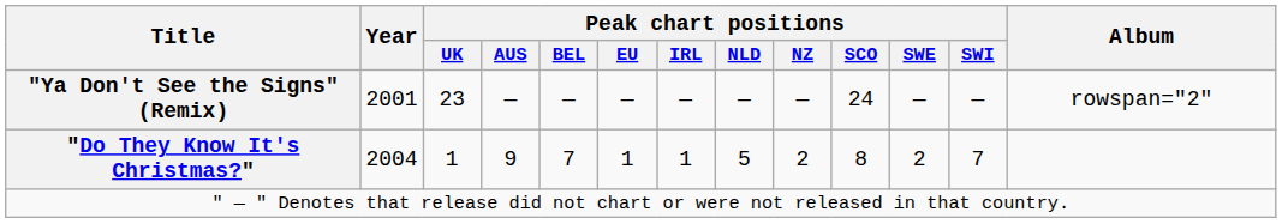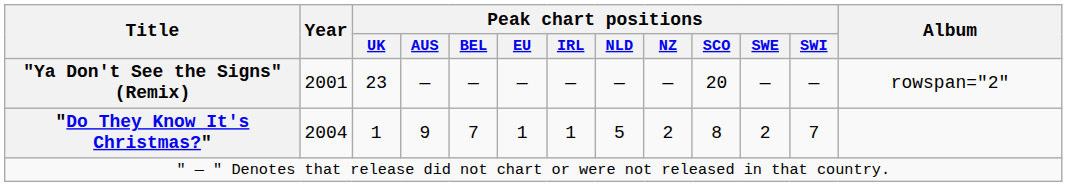 <table class="wikitable plainrowheaders" style="text-align:center;">
 <tr>
 <th scope="col" rowspan="2" style="width:16em;">Title</th>
 <th scope="col" rowspan="2" style="width:1em;">Year</th>
 <th scope="col" colspan="10">Peak chart positions</th>
 <th scope="col" rowspan="2" style="width:12em;">Album</th>
 </tr>
 <tr>
 <th scope="col" style="width:2.7em;font-size:85%;"><a href='#'>UK</a><br></th>
 <th scope="col" style="width:2.7em;font-size:85%;"><a href='#'>AUS</a><br></th>
 <th scope="col" style="width:2.7em;font-size:85%;"><a href='#'>BEL</a><br></th>
 <th scope="col" style="width:2.7em;font-size:85%;"><a href='#'>EU</a><br></th>
 <th scope="col" style="width:2.7em;font-size:85%;"><a href='#'>IRL</a><br></th>
 <th scope="col" style="width:2.7em;font-size:85%;"><a href='#'>NLD</a><br></th>
 <th scope="col" style="width:2.7em;font-size:85%;"><a href='#'>NZ</a><br></th>
 <th scope="col" style="width:2.7em;font-size:85%;"><a href='#'>SCO</a><br></th>
 <th scope="col" style="width:2.7em;font-size:85%;"><a href='#'>SWE</a><br></th>
 <th scope="col" style="width:2.7em;font-size:85%;"><a href='#'>SWI</a><br></th>
 </tr>
 <tr>
 <th scope="row">"Ya Don't See the Signs" (Remix)<br></th>
 <td>2001</td>
 <td>23</td>
 <td>—</td>
 <td>—</td>
 <td>—</td>
 <td>—</td>
 <td>—</td>
 <td>—</td>
-<td>24</td>
+<td>20</td>
 <td>—</td>
 <td>—</td>
 <td>rowspan="2" </td>
 </tr>
 <tr>
 <th scope="row">"<a href='#'>Do They Know It's Christmas?</a>"</th>
 <td>2004</td>
 <td>1</td>
 <td>9</td>
 <td>7</td>
 <td>1</td>
 <td>1</td>
 <td>5</td>
 <td>2</td>
 <td>8</td>
 <td>2</td>
 <td>7</td>
 </tr>
 <tr>
 <td align="center" colspan="20" style="font-size: 85%">" — " Denotes that release did not chart or were not released in that country.</td>
 </tr>
 </table>
